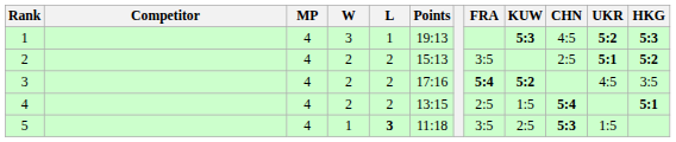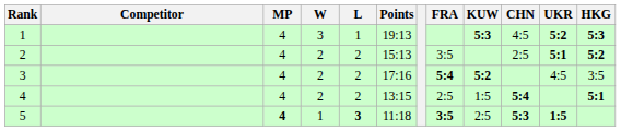 <table class="wikitable" style="text-align:center">
 <tr>
 <th>Rank</th>
 <th style="width:17em">Competitor</th>
 <th style="width:2.5em">MP</th>
 <th style="width:2.5em">W</th>
 <th style="width:2.5em">L</th>
 <th>Points</th>
 <th rowspan="6"> </th>
 <th style="width:2.5em">FRA</th>
 <th style="width:2.5em">KUW</th>
 <th style="width:2.5em">CHN</th>
 <th style="width:2.5em">UKR</th>
 <th style="width:2.5em">HKG</th>
 </tr>
 <tr style="background:#cfc;">
 <td>1</td>
 <td style="text-align:left"></td>
 <td>4</td>
 <td>3</td>
 <td>1</td>
 <td>19:13</td>
 <td></td>
 <td><strong>5:3</strong></td>
 <td>4:5</td>
 <td><strong>5:2</strong></td>
 <td><strong>5:3</strong></td>
 </tr>
 <tr style="background:#cfc;">
 <td>2</td>
 <td style="text-align:left"></td>
 <td>4</td>
 <td>2</td>
 <td>2</td>
 <td>15:13</td>
 <td>3:5</td>
 <td></td>
 <td>2:5</td>
 <td><strong>5:1</strong></td>
 <td><strong>5:2</strong></td>
 </tr>
 <tr style="background:#cfc;">
 <td>3</td>
 <td style="text-align:left"></td>
 <td>4</td>
 <td>2</td>
 <td>2</td>
 <td>17:16</td>
 <td><strong>5:4</strong></td>
 <td><strong>5:2</strong></td>
 <td></td>
 <td>4:5</td>
 <td>3:5</td>
 </tr>
 <tr style="background:#cfc;">
 <td>4</td>
 <td style="text-align:left"></td>
 <td>4</td>
 <td>2</td>
 <td>2</td>
 <td>13:15</td>
 <td>2:5</td>
 <td>1:5</td>
 <td><strong>5:4</strong></td>
 <td></td>
 <td><strong>5:1</strong></td>
 </tr>
 <tr style="background:#cfc;">
 <td>5</td>
 <td style="text-align:left"></td>
-<td>4</td>
+<td><strong>4</strong></td>
 <td>1</td>
 <td><strong>3</strong></td>
 <td>11:18</td>
-<td>3:5</td>
+<td><strong>3:5</strong></td>
 <td>2:5</td>
 <td><strong>5:3</strong></td>
-<td>1:5</td>
+<td><strong>1:5</strong></td>
 <td></td>
 </tr>
 </table>
